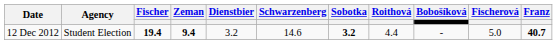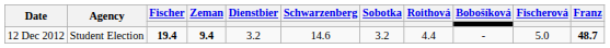 <table class="wikitable" style=text-align:center;font-size:85%;line-height:14px;">
 <tr>
 <th rowspan=2>Date</th>
 <th rowspan=2>Agency</th>
 <th><a href='#'>Fischer</a></th>
 <th><a href='#'>Zeman</a></th>
 <th><a href='#'>Dienstbier</a></th>
 <th><a href='#'>Schwarzenberg</a></th>
 <th><a href='#'>Sobotka</a></th>
 <th><a href='#'>Roithová</a></th>
 <th><a href='#'>Bobošíková</a></th>
 <th><a href='#'>Fischerová</a></th>
 <th><a href='#'>Franz</a></th>
 </tr>
 <tr>
 <th style="background:"></th>
 <th style="background:"></th>
 <th style="background:"></th>
 <th style="background:"></th>
 <th style="background:"></th>
 <th style="background:"></th>
 <th style="background:#000000; width:40px;"></th>
 <th style="background:"></th>
 <th style="background:"></th>
 </tr>
 <tr>
 <td>12 Dec 2012</td>
 <td>Student Election</td>
 <td><strong>19.4</strong></td>
 <td><strong>9.4</strong></td>
 <td>3.2</td>
 <td>14.6</td>
-<td><strong>3.2</strong></td>
+<td>3.2</td>
 <td>4.4</td>
 <td>-</td>
 <td>5.0</td>
-<td><strong>40.7</strong></td>
+<td><strong>48.7</strong></td>
 </tr>
 </table>
